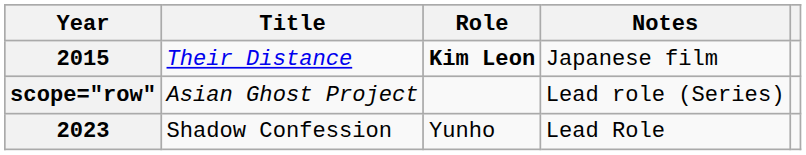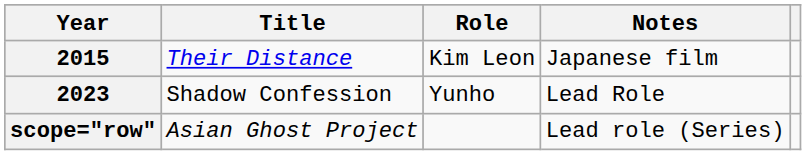 <table class="wikitable sortable plainrowheaders">
 <tr>
 <th>Year</th>
 <th>Title</th>
 <th>Role</th>
 <th>Notes</th>
 <th scope="col" class="unsortable"></th>
 </tr>
 <tr>
 <th scope="row">2015</th>
 <td><em><a href='#'>Their Distance</a></em></td>
-<td><strong>Kim Leon</strong></td>
+<td>Kim Leon</td>
 <td>Japanese film</td>
+<td></td>
+</tr>
+<tr>
+<th scope=row>2023</th>
+<td>Shadow Confession</td>
+<td>Yunho</td>
+<td>Lead Role</td>
 <td></td>
 </tr>
 <tr>
 <th>scope="row" </th>
 <td><em>Asian Ghost Project</em></td>
 <td></td>
 <td>Lead role (Series)</td>
 <td></td>
 </tr>
-<tr>
-<th scope=row>2023</th>
-<td>Shadow Confession</td>
-<td>Yunho</td>
-<td>Lead Role</td>
-<td></td>
-</tr>
 </table>
